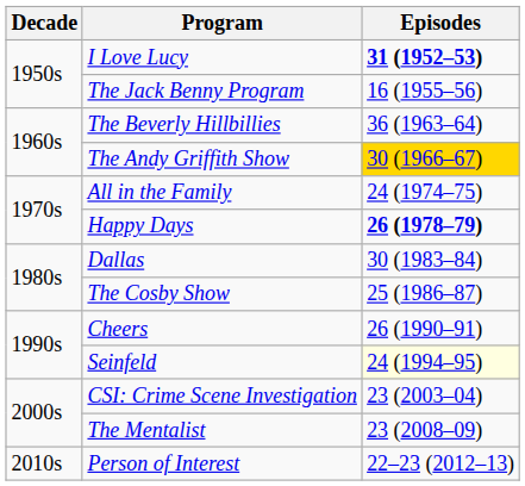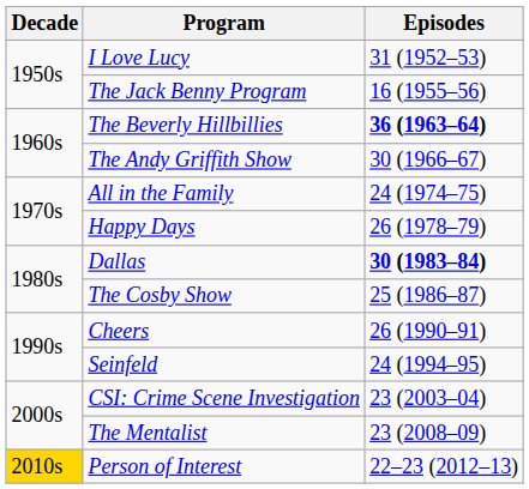 <table class="wikitable" style="float: right;">
 <tr>
 <th>Decade</th>
 <th>Program</th>
 <th>Episodes</th>
 </tr>
 <tr>
 <td rowspan=2>1950s</td>
 <td><em><a href='#'>I Love Lucy</a></em></td>
-<td><strong><a href='#'>31</a> (<a href='#'>1952–53</a>)</strong></td>
+<td><a href='#'>31</a> (<a href='#'>1952–53</a>)</td>
 </tr>
 <tr>
 <td><em><a href='#'>The Jack Benny Program</a></em></td>
 <td><a href='#'>16</a> (<a href='#'>1955–56</a>)</td>
 </tr>
 <tr>
 <td rowspan=2>1960s</td>
 <td><em><a href='#'>The Beverly Hillbillies</a></em></td>
-<td><a href='#'>36</a> (<a href='#'>1963–64</a>)</td>
+<td><strong><a href='#'>36</a> (<a href='#'>1963–64</a>)</strong></td>
 </tr>
 <tr>
 <td><em><a href='#'>The Andy Griffith Show</a></em></td>
-<td style="background: gold;"><a href='#'>30</a> (<a href='#'>1966–67</a>)</td>
+<td><a href='#'>30</a> (<a href='#'>1966–67</a>)</td>
 </tr>
 <tr>
 <td rowspan=2>1970s</td>
 <td><em><a href='#'>All in the Family</a></em></td>
 <td><a href='#'>24</a> (<a href='#'>1974–75</a>)</td>
 </tr>
 <tr>
 <td><em><a href='#'>Happy Days</a></em></td>
-<td><strong><a href='#'>26</a> (<a href='#'>1978–79</a>)</strong></td>
+<td><a href='#'>26</a> (<a href='#'>1978–79</a>)</td>
 </tr>
 <tr>
 <td rowspan=2>1980s</td>
 <td><em><a href='#'>Dallas</a></em></td>
-<td><a href='#'>30</a> (<a href='#'>1983–84</a>)</td>
+<td><strong><a href='#'>30</a> (<a href='#'>1983–84</a>)</strong></td>
 </tr>
 <tr>
 <td><em><a href='#'>The Cosby Show</a></em></td>
 <td><a href='#'>25</a> (<a href='#'>1986–87</a>)</td>
 </tr>
 <tr>
 <td rowspan=2>1990s</td>
 <td><em><a href='#'>Cheers</a></em></td>
 <td><a href='#'>26</a> (<a href='#'>1990–91</a>)</td>
 </tr>
 <tr>
 <td><em><a href='#'>Seinfeld</a></em></td>
-<td style="background: lightyellow;"><a href='#'>24</a> (<a href='#'>1994–95</a>)</td>
+<td><a href='#'>24</a> (<a href='#'>1994–95</a>)</td>
 </tr>
 <tr>
 <td rowspan=2>2000s</td>
 <td><em><a href='#'>CSI: Crime Scene Investigation</a></em></td>
 <td><a href='#'>23</a> (<a href='#'>2003–04</a>)</td>
 </tr>
 <tr>
 <td><em><a href='#'>The Mentalist</a></em></td>
 <td><a href='#'>23</a> (<a href='#'>2008–09</a>)</td>
 </tr>
 <tr>
-<td>2010s</td>
+<td style="background: gold;">2010s</td>
 <td><em><a href='#'>Person of Interest</a></em></td>
 <td><a href='#'>22–23</a> (<a href='#'>2012–13</a>)</td>
 </tr>
 </table>
